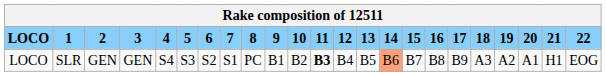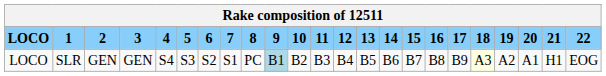 <table class="wikitable plainrowheaders unsortable" style="text-align:center">
 <tr>
 <th colspan="23">Rake composition of 12511</th>
 </tr>
 <tr>
 <th rowspan="1" scope="col" style="background:lightskyblue;">LOCO</th>
 <th rowspan="1" scope="col" style="background:lightskyblue;">1</th>
 <th rowspan="1" scope="col" style="background:lightskyblue;">2</th>
 <th rowspan="1" scope="col" style="background:lightskyblue;">3</th>
 <th rowspan="1" scope="col" style="background:lightskyblue;">4</th>
 <th rowspan="1" scope="col" style="background:lightskyblue;">5</th>
 <th rowspan="1" scope="col" style="background:lightskyblue;">6</th>
 <th rowspan="1" scope="col" style="background:lightskyblue;">7</th>
 <th rowspan="1" scope="col" style="background:lightskyblue;">8</th>
 <th rowspan="1" scope="col" style="background:lightskyblue;">9</th>
 <th rowspan="1" scope="col" style="background:lightskyblue;">10</th>
 <th rowspan="1" scope="col" style="background:lightskyblue;">11</th>
 <th rowspan="1" scope="col" style="background:lightskyblue;">12</th>
 <th rowspan="1" scope="col" style="background:lightskyblue;">13</th>
 <th rowspan="1" scope="col" style="background:lightskyblue;">14</th>
 <th rowspan="1" scope="col" style="background:lightskyblue;">15</th>
 <th rowspan="1" scope="col" style="background:lightskyblue;">16</th>
 <th rowspan="1" scope="col" style="background:lightskyblue;">17</th>
 <th rowspan="1" scope="col" style="background:lightskyblue;">18</th>
 <th rowspan="1" scope="col" style="background:lightskyblue;">19</th>
 <th rowspan="1" scope="col" style="background:lightskyblue;">20</th>
 <th rowspan="1" scope="col" style="background:lightskyblue;">21</th>
 <th rowspan="1" scope="col" style="background:lightskyblue;">22</th>
 </tr>
 <tr>
 <td>LOCO</td>
 <td>SLR</td>
 <td>GEN</td>
 <td>GEN</td>
 <td>S4</td>
 <td>S3</td>
 <td>S2</td>
 <td>S1</td>
 <td>PC</td>
-<td>B1</td>
+<td style="background: lightblue;">B1</td>
 <td>B2</td>
-<td><strong>B3</strong></td>
+<td>B3</td>
 <td>B4</td>
 <td>B5</td>
-<td style="background: lightsalmon;">B6</td>
+<td>B6</td>
 <td>B7</td>
 <td>B8</td>
 <td>B9</td>
-<td>A3</td>
+<td style="background: lightyellow;">A3</td>
 <td>A2</td>
 <td>A1</td>
 <td>H1</td>
 <td>EOG</td>
 </tr>
 </table>
